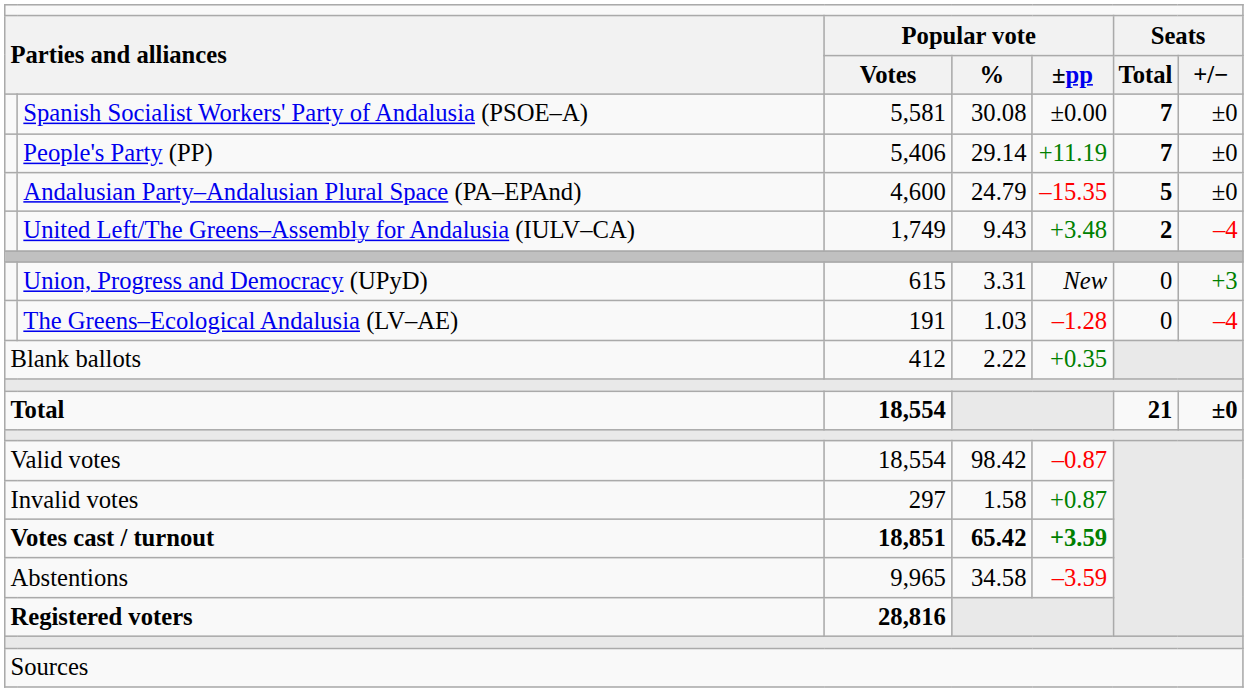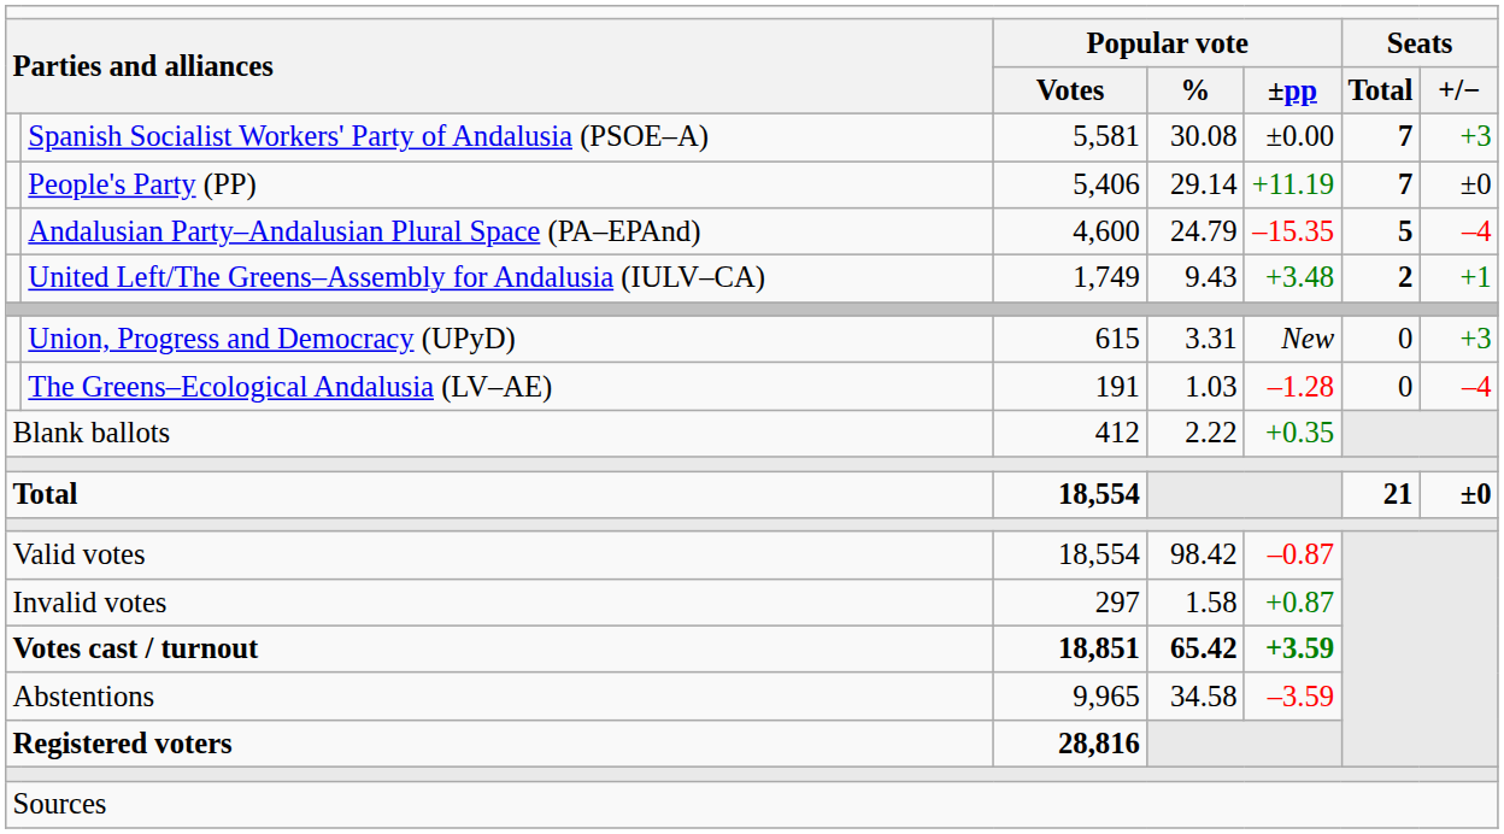 <table class="wikitable" style="text-align:right;">
 <tr>
 <td colspan="7"></td>
 </tr>
 <tr>
 <th style="text-align:left;" rowspan="2" colspan="2" width="525">Parties and alliances</th>
 <th colspan="3">Popular vote</th>
 <th colspan="2">Seats</th>
 </tr>
 <tr>
 <th width="75">Votes</th>
 <th width="45">%</th>
 <th width="45">±<a href='#'>pp</a></th>
 <th width="35">Total</th>
 <th width="35">+/−</th>
 </tr>
 <tr>
 <td width="1" style="color:inherit;background:"></td>
 <td align="left"><a href='#'>Spanish Socialist Workers' Party of Andalusia</a> (PSOE–A)</td>
 <td>5,581</td>
 <td>30.08</td>
 <td>±0.00</td>
 <td><strong>7</strong></td>
-<td>±0</td>
+<td style="color:green;">+3</td>
 </tr>
 <tr>
 <td style="color:inherit;background:"></td>
 <td align="left"><a href='#'>People's Party</a> (PP)</td>
 <td>5,406</td>
 <td>29.14</td>
 <td style="color:green;">+11.19</td>
 <td><strong>7</strong></td>
 <td>±0</td>
 </tr>
 <tr>
 <td style="color:inherit;background:"></td>
 <td align="left"><a href='#'>Andalusian Party–Andalusian Plural Space</a> (PA–EPAnd)</td>
 <td>4,600</td>
 <td>24.79</td>
 <td style="color:red;">–15.35</td>
 <td><strong>5</strong></td>
-<td>±0</td>
+<td style="color:red;">–4</td>
 </tr>
 <tr>
 <td style="color:inherit;background:"></td>
 <td align="left"><a href='#'>United Left/The Greens–Assembly for Andalusia</a> (IULV–CA)</td>
 <td>1,749</td>
 <td>9.43</td>
 <td style="color:green;">+3.48</td>
 <td><strong>2</strong></td>
-<td style="color:red;">–4</td>
+<td style="color:green;">+1</td>
 </tr>
 <tr>
 <td colspan="7" bgcolor="#C0C0C0"></td>
 </tr>
 <tr>
 <td style="color:inherit;background:"></td>
 <td align="left"><a href='#'>Union, Progress and Democracy</a> (UPyD)</td>
 <td>615</td>
 <td>3.31</td>
 <td><em>New</em></td>
 <td>0</td>
 <td style="color:green;">+3</td>
 </tr>
 <tr>
 <td style="color:inherit;background:"></td>
 <td align="left"><a href='#'>The Greens–Ecological Andalusia</a> (LV–AE)</td>
 <td>191</td>
 <td>1.03</td>
 <td style="color:red;">–1.28</td>
 <td>0</td>
 <td style="color:red;">–4</td>
 </tr>
 <tr>
 <td align="left" colspan="2">Blank ballots</td>
 <td>412</td>
 <td>2.22</td>
 <td style="color:green;">+0.35</td>
 <td bgcolor="#E9E9E9" colspan="2"></td>
 </tr>
 <tr>
 <td colspan="7" bgcolor="#E9E9E9"></td>
 </tr>
 <tr style="font-weight:bold;">
 <td align="left" colspan="2">Total</td>
 <td>18,554</td>
 <td bgcolor="#E9E9E9" colspan="2"></td>
 <td>21</td>
 <td>±0</td>
 </tr>
 <tr>
 <td colspan="7" bgcolor="#E9E9E9"></td>
 </tr>
 <tr>
 <td align="left" colspan="2">Valid votes</td>
 <td>18,554</td>
 <td>98.42</td>
 <td style="color:red;">–0.87</td>
 <td bgcolor="#E9E9E9" colspan="2" rowspan="5"></td>
 </tr>
 <tr>
 <td align="left" colspan="2">Invalid votes</td>
 <td>297</td>
 <td>1.58</td>
 <td style="color:green;">+0.87</td>
 </tr>
 <tr style="font-weight:bold;">
 <td align="left" colspan="2">Votes cast / turnout</td>
 <td>18,851</td>
 <td>65.42</td>
 <td style="color:green;">+3.59</td>
 </tr>
 <tr>
 <td align="left" colspan="2">Abstentions</td>
 <td>9,965</td>
 <td>34.58</td>
 <td style="color:red;">–3.59</td>
 </tr>
 <tr style="font-weight:bold;">
 <td align="left" colspan="2">Registered voters</td>
 <td>28,816</td>
 <td bgcolor="#E9E9E9" colspan="2"></td>
 </tr>
 <tr>
 <td colspan="7" bgcolor="#E9E9E9"></td>
 </tr>
 <tr>
 <td align="left" colspan="7">Sources</td>
 </tr>
 </table>
